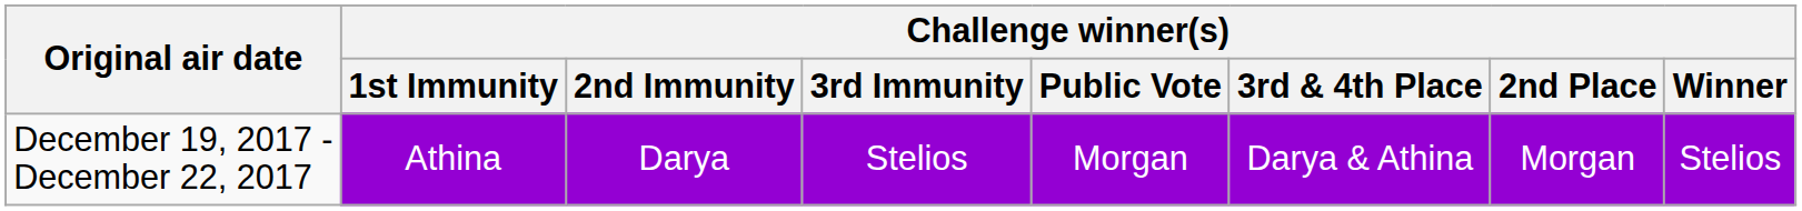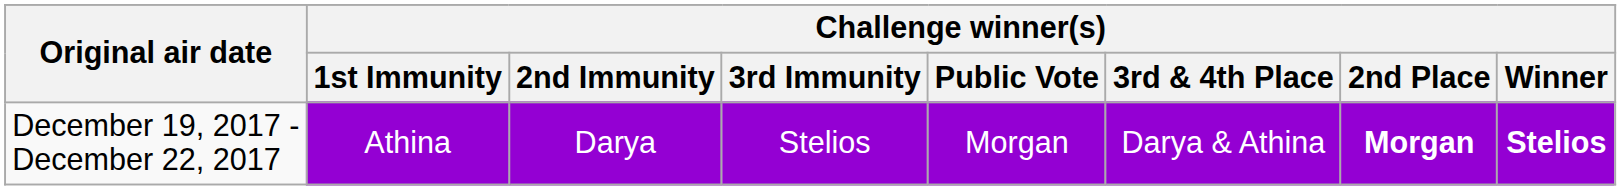 <table class="wikitable plainrowheaders" style="margin:auto; text-align:center">
 <tr>
 <th scope="col" rowspan="2">Original air date</th>
 <th scope="col" colspan="7">Challenge winner(s)</th>
 </tr>
 <tr>
 <th scope="col">1st Immunity</th>
 <th scope="col">2nd Immunity</th>
 <th scope="col">3rd Immunity</th>
 <th scope="col">Public Vote</th>
 <th scope="col">3rd & 4th Place</th>
 <th scope="col">2nd Place</th>
 <th scope="col">Winner</th>
 </tr>
 <tr>
 <td align="left" rowspan="1">December 19, 2017 -<br>December 22, 2017</td>
 <td style="background: DarkViolet; color: white; text-align: center;">Athina</td>
 <td style="background: DarkViolet; color: white; text-align: center;">Darya</td>
 <td style="background: DarkViolet; color: white; text-align: center;">Stelios</td>
 <td style="background: DarkViolet; color: white; text-align: center;">Morgan</td>
 <td style="background: DarkViolet; color: white; text-align: center;">Darya & Athina</td>
-<td style="background: DarkViolet; color: white; text-align: center;">Morgan</td>
-<td style="background: DarkViolet; color: white; text-align: center;">Stelios</td>
+<td style="background: DarkViolet; color: white; text-align: center;"><strong>Morgan</strong></td>
+<td style="background: DarkViolet; color: white; text-align: center;"><strong>Stelios</strong></td>
 </tr>
 </table>
